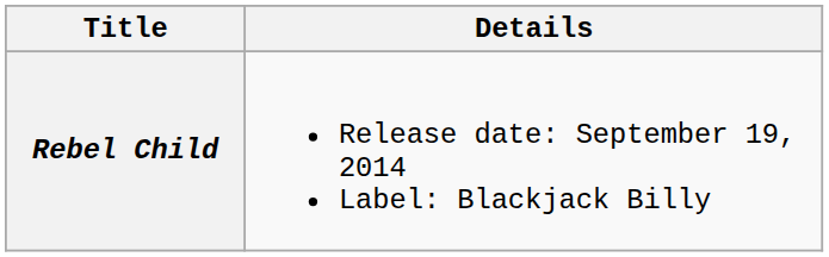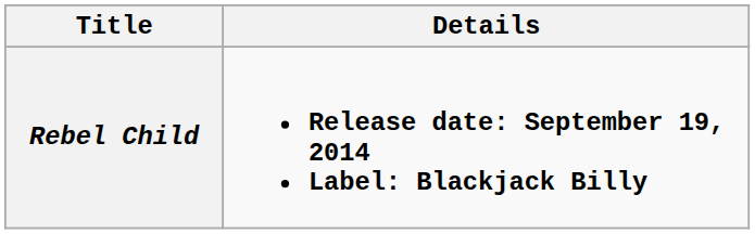 <table class="wikitable plainrowheaders">
 <tr>
 <th style="width:8em;">Title</th>
 <th style="width:20em;">Details</th>
 </tr>
 <tr>
 <th scope="row"><em>Rebel Child</em></th>
-<td><br><ul><li>Release date: September 19, 2014</li><li>Label: Blackjack Billy</li></ul></td>
+<td><strong><br><ul><li>Release date: September 19, 2014</li><li>Label: Blackjack Billy</li></ul></strong></td>
 </tr>
 </table>
